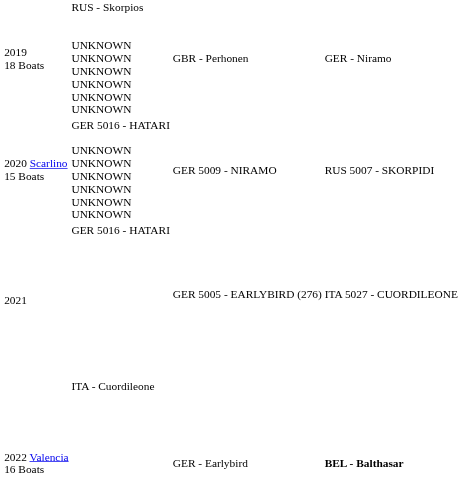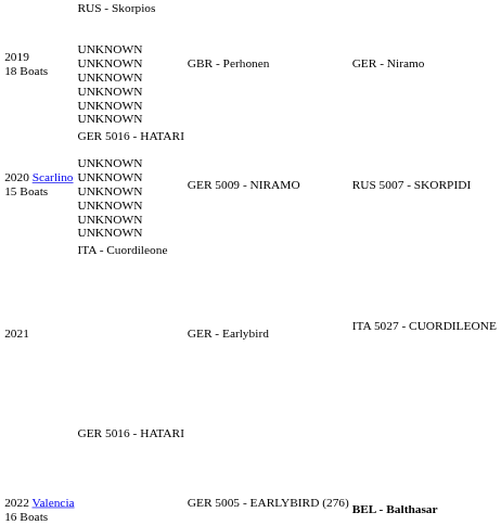 <table>
 <tr>
 <td>2019 <br> 18 Boats</td>
 <td>RUS - Skorpios<br><br><br>UNKNOWN<br>UNKNOWN<br>UNKNOWN<br>UNKNOWN<br>UNKNOWN<br>UNKNOWN</td>
 <td>GBR - Perhonen<br></td>
 <td>GER - Niramo<br></td>
 <td></td>
 </tr>
 <tr>
 <td>2020 <a href='#'>Scarlino</a> <br> 15 Boats</td>
 <td>GER 5016 - HATARI <br><br>UNKNOWN<br>UNKNOWN<br>UNKNOWN<br>UNKNOWN<br>UNKNOWN<br>UNKNOWN</td>
 <td>GER 5009 - NIRAMO <br></td>
 <td>RUS 5007 - SKORPIDI <br></td>
 <td></td>
 </tr>
 <tr>
 <td>2021</td>
-<td>GER 5016 - HATARI<br><br> <br> <br> <br> <br> <br> <br> <br> <br> <br> <br> </td>
-<td>GER 5005 - EARLYBIRD (276)<br><br></td>
+<td>ITA - Cuordileone <br><br><br> <br> <br> <br> <br> <br> <br> <br> <br> <br> <br> </td>
+<td>GER - Earlybird <br></td>
 <td>ITA 5027 - CUORDILEONE<br><br></td>
 <td></td>
 </tr>
 <tr>
 <td>2022 <a href='#'>Valencia</a> <br> 16 Boats</td>
-<td>ITA - Cuordileone <br><br><br> <br> <br> <br> <br> <br> <br> <br> <br> <br> <br> </td>
-<td>GER - Earlybird <br></td>
+<td>GER 5016 - HATARI<br><br> <br> <br> <br> <br> <br> <br> <br> <br> <br> <br> </td>
+<td>GER 5005 - EARLYBIRD (276)<br><br></td>
 <td><strong>BEL - Balthasar <br></strong></td>
 <td></td>
 </tr>
 <tr>
 </tr>
 </table>
